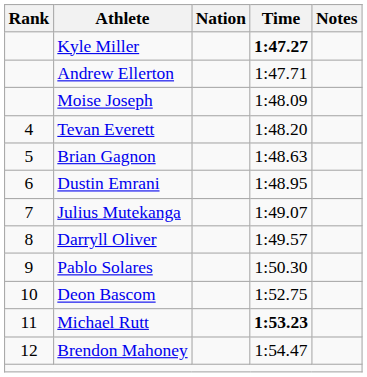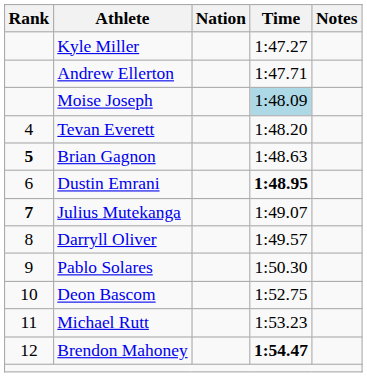 <table class="wikitable mw-datatable sortable" style="text-align:center;">
 <tr>
 <th>Rank</th>
 <th>Athlete</th>
 <th>Nation</th>
 <th>Time</th>
 <th>Notes</th>
 </tr>
 <tr>
 <td></td>
 <td align=left><a href='#'>Kyle Miller</a></td>
 <td align=left></td>
-<td><strong>1:47.27</strong></td>
+<td>1:47.27</td>
 <td></td>
 </tr>
 <tr>
 <td></td>
 <td align=left><a href='#'>Andrew Ellerton</a></td>
 <td align=left></td>
 <td>1:47.71</td>
 <td></td>
 </tr>
 <tr>
 <td></td>
 <td align=left><a href='#'>Moise Joseph</a></td>
 <td align=left></td>
-<td>1:48.09</td>
+<td style="background: lightblue;">1:48.09</td>
 <td></td>
 </tr>
 <tr>
 <td>4</td>
 <td align=left><a href='#'>Tevan Everett</a></td>
 <td align=left></td>
 <td>1:48.20</td>
 <td></td>
 </tr>
 <tr>
-<td>5</td>
+<td><strong>5</strong></td>
 <td align=left><a href='#'>Brian Gagnon</a></td>
 <td align=left></td>
 <td>1:48.63</td>
 <td></td>
 </tr>
 <tr>
 <td>6</td>
 <td align=left><a href='#'>Dustin Emrani</a></td>
 <td align=left></td>
-<td>1:48.95</td>
+<td><strong>1:48.95</strong></td>
 <td></td>
 </tr>
 <tr>
-<td>7</td>
+<td><strong>7</strong></td>
 <td align=left><a href='#'>Julius Mutekanga</a></td>
 <td align=left></td>
 <td>1:49.07</td>
 <td></td>
 </tr>
 <tr>
 <td>8</td>
 <td align=left><a href='#'>Darryll Oliver</a></td>
 <td align=left></td>
 <td>1:49.57</td>
 <td></td>
 </tr>
 <tr>
 <td>9</td>
 <td align=left><a href='#'>Pablo Solares</a></td>
 <td align=left></td>
 <td>1:50.30</td>
 <td></td>
 </tr>
 <tr>
 <td>10</td>
 <td align=left><a href='#'>Deon Bascom</a></td>
 <td align=left></td>
 <td>1:52.75</td>
 <td></td>
 </tr>
 <tr>
 <td>11</td>
 <td align=left><a href='#'>Michael Rutt</a></td>
 <td align=left></td>
-<td><strong>1:53.23</strong></td>
+<td>1:53.23</td>
 <td></td>
 </tr>
 <tr>
 <td>12</td>
 <td align=left><a href='#'>Brendon Mahoney</a></td>
 <td align=left></td>
-<td>1:54.47</td>
+<td><strong>1:54.47</strong></td>
 <td></td>
 </tr>
 <tr class="sortbottom">
 <td colspan=5></td>
 </tr>
 </table>
